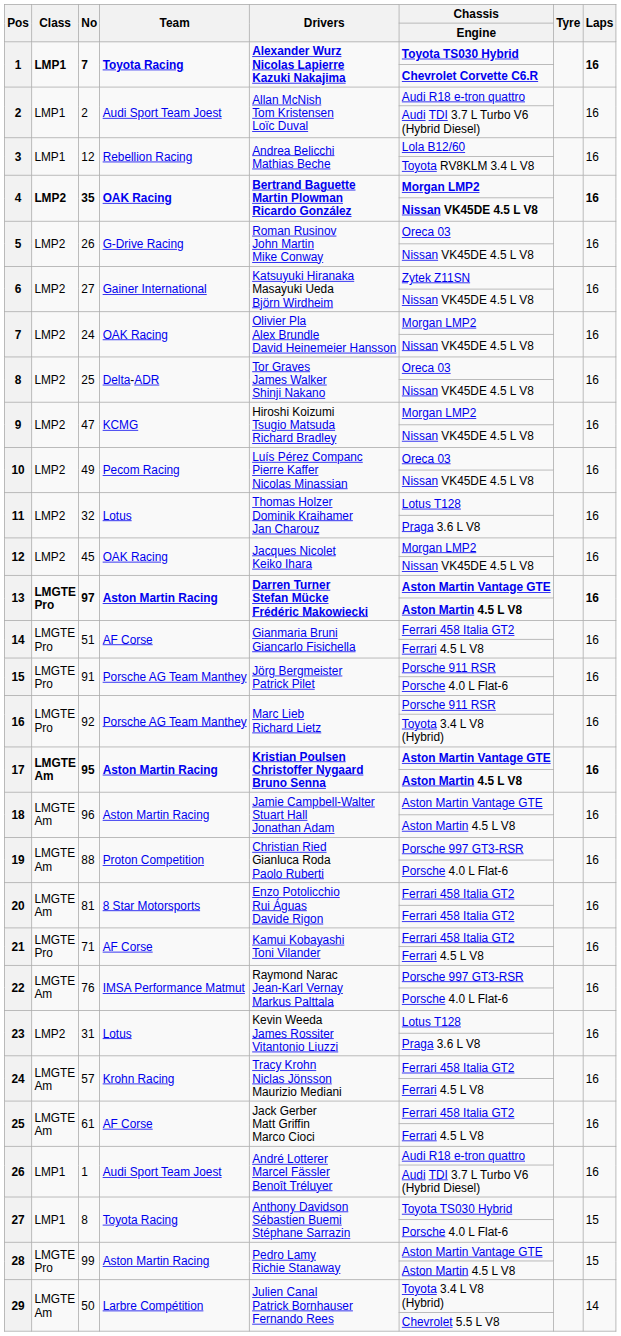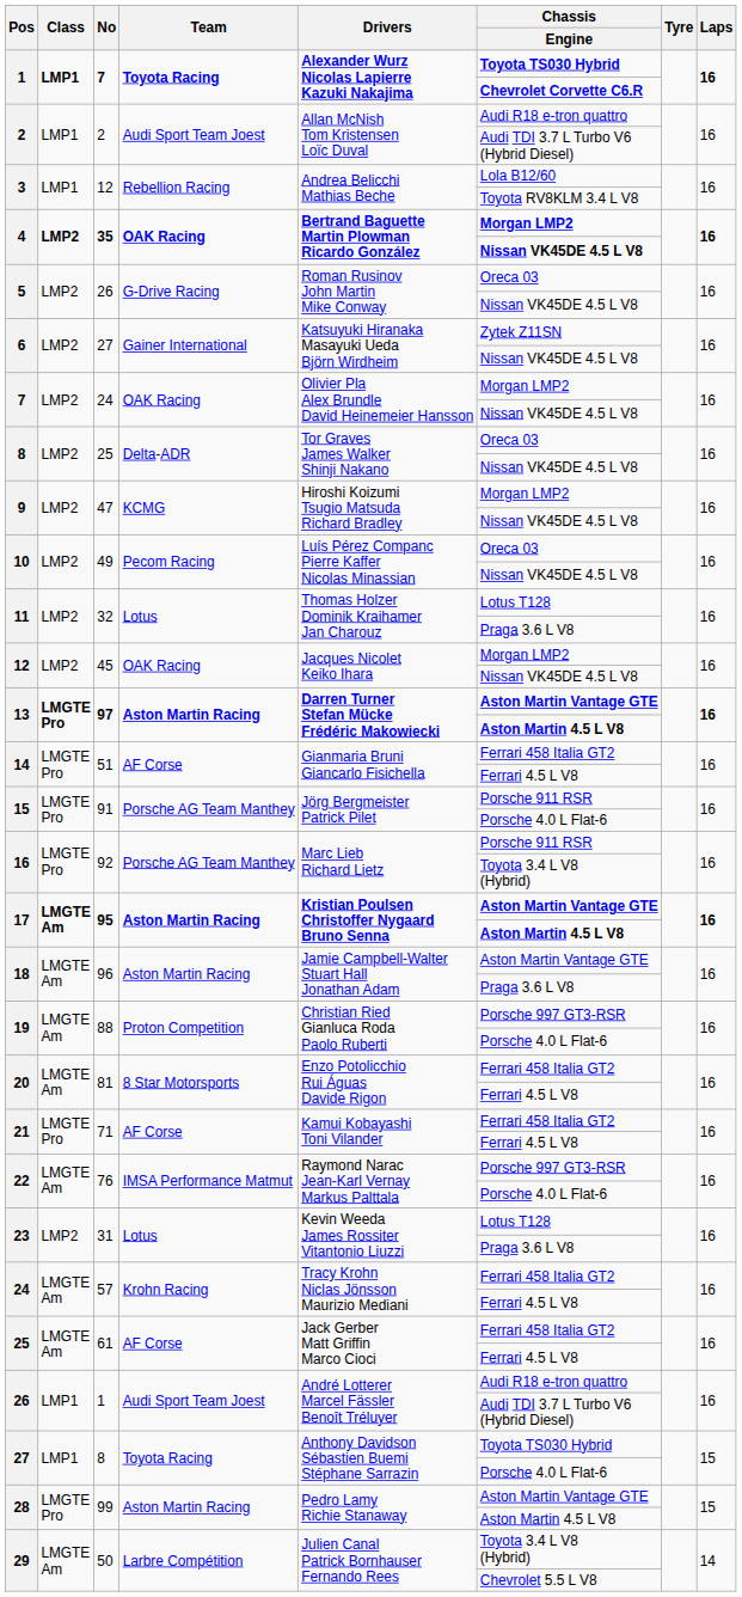 <table class="wikitable" style="font-size: 95%;">
 <tr>
 <th rowspan=2>Pos</th>
 <th rowspan=2>Class</th>
 <th rowspan=2>No</th>
 <th rowspan=2>Team</th>
 <th rowspan=2>Drivers</th>
 <th>Chassis</th>
 <th rowspan=2>Tyre</th>
 <th rowspan=2>Laps</th>
 </tr>
 <tr>
 <th>Engine</th>
 </tr>
 <tr style="font-weight:bold">
 <th rowspan=2>1</th>
 <td rowspan=2>LMP1</td>
 <td rowspan=2>7</td>
 <td rowspan=2> <a href='#'>Toyota Racing</a></td>
 <td rowspan=2> <a href='#'>Alexander Wurz</a><br> <a href='#'>Nicolas Lapierre</a><br> <a href='#'>Kazuki Nakajima</a></td>
 <td><a href='#'>Toyota TS030 Hybrid</a></td>
 <td rowspan=2></td>
 <td rowspan=2>16</td>
 </tr>
 <tr style="font-weight:bold">
 <td><a href='#'>Chevrolet Corvette C6.R</a></td>
 </tr>
 <tr>
 <th rowspan=2>2</th>
 <td rowspan=2>LMP1</td>
 <td rowspan=2>2</td>
 <td rowspan=2> <a href='#'>Audi Sport Team Joest</a></td>
 <td rowspan=2> <a href='#'>Allan McNish</a><br> <a href='#'>Tom Kristensen</a><br> <a href='#'>Loïc Duval</a></td>
 <td><a href='#'>Audi R18 e-tron quattro</a></td>
 <td rowspan=2></td>
 <td rowspan=2>16</td>
 </tr>
 <tr>
 <td><a href='#'>Audi</a> <a href='#'>TDI</a> 3.7 L Turbo V6<br>(Hybrid Diesel)</td>
 </tr>
 <tr>
 <th rowspan=2>3</th>
 <td rowspan=2>LMP1</td>
 <td rowspan=2>12</td>
 <td rowspan=2> <a href='#'>Rebellion Racing</a></td>
 <td rowspan=2> <a href='#'>Andrea Belicchi</a><br> <a href='#'>Mathias Beche</a></td>
 <td><a href='#'>Lola B12/60</a></td>
 <td rowspan=2></td>
 <td rowspan=2>16</td>
 </tr>
 <tr>
 <td><a href='#'>Toyota</a> RV8KLM 3.4 L V8</td>
 </tr>
 <tr style="font-weight:bold">
 <th rowspan=2>4</th>
 <td rowspan=2>LMP2</td>
 <td rowspan=2>35</td>
 <td rowspan=2> <a href='#'>OAK Racing</a></td>
 <td rowspan=2> <a href='#'>Bertrand Baguette</a><br> <a href='#'>Martin Plowman</a><br> <a href='#'>Ricardo González</a></td>
 <td><a href='#'>Morgan LMP2</a></td>
 <td rowspan=2></td>
 <td rowspan=2>16</td>
 </tr>
 <tr style="font-weight:bold">
 <td><a href='#'>Nissan</a> VK45DE 4.5 L V8</td>
 </tr>
 <tr>
 <th rowspan=2>5</th>
 <td rowspan=2>LMP2</td>
 <td rowspan=2>26</td>
 <td rowspan=2> <a href='#'>G-Drive Racing</a></td>
 <td rowspan=2> <a href='#'>Roman Rusinov</a><br> <a href='#'>John Martin</a><br> <a href='#'>Mike Conway</a></td>
 <td><a href='#'>Oreca 03</a></td>
 <td rowspan=2></td>
 <td rowspan=2>16</td>
 </tr>
 <tr>
 <td><a href='#'>Nissan</a> VK45DE 4.5 L V8</td>
 </tr>
 <tr>
 <th rowspan=2>6</th>
 <td rowspan=2>LMP2</td>
 <td rowspan=2>27</td>
 <td rowspan=2> <a href='#'>Gainer International</a></td>
 <td rowspan=2> <a href='#'>Katsuyuki Hiranaka</a><br> Masayuki Ueda<br> <a href='#'>Björn Wirdheim</a></td>
 <td><a href='#'>Zytek Z11SN</a></td>
 <td rowspan=2></td>
 <td rowspan=2>16</td>
 </tr>
 <tr>
 <td><a href='#'>Nissan</a> VK45DE 4.5 L V8</td>
 </tr>
 <tr>
 <th rowspan=2>7</th>
 <td rowspan=2>LMP2</td>
 <td rowspan=2>24</td>
 <td rowspan=2> <a href='#'>OAK Racing</a></td>
 <td rowspan=2> <a href='#'>Olivier Pla</a><br> <a href='#'>Alex Brundle</a><br> <a href='#'>David Heinemeier Hansson</a></td>
 <td><a href='#'>Morgan LMP2</a></td>
 <td rowspan=2></td>
 <td rowspan=2>16</td>
 </tr>
 <tr>
 <td><a href='#'>Nissan</a> VK45DE 4.5 L V8</td>
 </tr>
 <tr>
 <th rowspan=2>8</th>
 <td rowspan=2>LMP2</td>
 <td rowspan=2>25</td>
 <td rowspan=2> <a href='#'>Delta</a>-<a href='#'>ADR</a></td>
 <td rowspan=2> <a href='#'>Tor Graves</a><br> <a href='#'>James Walker</a><br> <a href='#'>Shinji Nakano</a></td>
 <td><a href='#'>Oreca 03</a></td>
 <td rowspan=2></td>
 <td rowspan=2>16</td>
 </tr>
 <tr>
 <td><a href='#'>Nissan</a> VK45DE 4.5 L V8</td>
 </tr>
 <tr>
 <th rowspan=2>9</th>
 <td rowspan=2>LMP2</td>
 <td rowspan=2>47</td>
 <td rowspan=2> <a href='#'>KCMG</a></td>
 <td rowspan=2> Hiroshi Koizumi<br> <a href='#'>Tsugio Matsuda</a><br> <a href='#'>Richard Bradley</a></td>
 <td><a href='#'>Morgan LMP2</a></td>
 <td rowspan=2></td>
 <td rowspan=2>16</td>
 </tr>
 <tr>
 <td><a href='#'>Nissan</a> VK45DE 4.5 L V8</td>
 </tr>
 <tr>
 <th rowspan=2>10</th>
 <td rowspan=2>LMP2</td>
 <td rowspan=2>49</td>
 <td rowspan=2> <a href='#'>Pecom Racing</a></td>
 <td rowspan=2> <a href='#'>Luís Pérez Companc</a><br> <a href='#'>Pierre Kaffer</a><br> <a href='#'>Nicolas Minassian</a></td>
 <td><a href='#'>Oreca 03</a></td>
 <td rowspan=2></td>
 <td rowspan=2>16</td>
 </tr>
 <tr>
 <td><a href='#'>Nissan</a> VK45DE 4.5 L V8</td>
 </tr>
 <tr>
 <th rowspan=2>11</th>
 <td rowspan=2>LMP2</td>
 <td rowspan=2>32</td>
 <td rowspan=2> <a href='#'>Lotus</a></td>
 <td rowspan=2> <a href='#'>Thomas Holzer</a><br> <a href='#'>Dominik Kraihamer</a><br> <a href='#'>Jan Charouz</a></td>
 <td><a href='#'>Lotus T128</a></td>
 <td rowspan=2></td>
 <td rowspan=2>16</td>
 </tr>
 <tr>
 <td><a href='#'>Praga</a> 3.6 L V8</td>
 </tr>
 <tr>
 <th rowspan=2>12</th>
 <td rowspan=2>LMP2</td>
 <td rowspan=2>45</td>
 <td rowspan=2> <a href='#'>OAK Racing</a></td>
 <td rowspan=2> <a href='#'>Jacques Nicolet</a><br> <a href='#'>Keiko Ihara</a></td>
 <td><a href='#'>Morgan LMP2</a></td>
 <td rowspan=2></td>
 <td rowspan=2>16</td>
 </tr>
 <tr>
 <td><a href='#'>Nissan</a> VK45DE 4.5 L V8</td>
 </tr>
 <tr style="font-weight:bold">
 <th rowspan=2>13</th>
 <td rowspan=2>LMGTE<br>Pro</td>
 <td rowspan=2>97</td>
 <td rowspan=2> <a href='#'>Aston Martin Racing</a></td>
 <td rowspan=2> <a href='#'>Darren Turner</a><br> <a href='#'>Stefan Mücke</a><br> <a href='#'>Frédéric Makowiecki</a></td>
 <td><a href='#'>Aston Martin Vantage GTE</a></td>
 <td rowspan=2></td>
 <td rowspan=2>16</td>
 </tr>
 <tr style="font-weight:bold">
 <td><a href='#'>Aston Martin</a> 4.5 L V8</td>
 </tr>
 <tr>
 <th rowspan=2>14</th>
 <td rowspan=2>LMGTE<br>Pro</td>
 <td rowspan=2>51</td>
 <td rowspan=2> <a href='#'>AF Corse</a></td>
 <td rowspan=2> <a href='#'>Gianmaria Bruni</a><br> <a href='#'>Giancarlo Fisichella</a></td>
 <td><a href='#'>Ferrari 458 Italia GT2</a></td>
 <td rowspan=2></td>
 <td rowspan=2>16</td>
 </tr>
 <tr>
 <td><a href='#'>Ferrari</a> 4.5 L V8</td>
 </tr>
 <tr>
 <th rowspan=2>15</th>
 <td rowspan=2>LMGTE<br>Pro</td>
 <td rowspan=2>91</td>
 <td rowspan=2> <a href='#'>Porsche AG Team Manthey</a></td>
 <td rowspan=2> <a href='#'>Jörg Bergmeister</a><br> <a href='#'>Patrick Pilet</a></td>
 <td><a href='#'>Porsche 911 RSR</a></td>
 <td rowspan=2></td>
 <td rowspan=2>16</td>
 </tr>
 <tr>
 <td><a href='#'>Porsche</a> 4.0 L Flat-6</td>
 </tr>
 <tr>
 <th rowspan=2>16</th>
 <td rowspan=2>LMGTE<br>Pro</td>
 <td rowspan=2>92</td>
 <td rowspan=2> <a href='#'>Porsche AG Team Manthey</a></td>
 <td rowspan=2> <a href='#'>Marc Lieb</a><br> <a href='#'>Richard Lietz</a></td>
 <td><a href='#'>Porsche 911 RSR</a></td>
 <td rowspan=2></td>
 <td rowspan=2>16</td>
 </tr>
 <tr>
 <td><a href='#'>Toyota</a> 3.4 L V8<br>(Hybrid)</td>
 </tr>
 <tr style="font-weight:bold">
 <th rowspan=2>17</th>
 <td rowspan=2>LMGTE<br>Am</td>
 <td rowspan=2>95</td>
 <td rowspan=2> <a href='#'>Aston Martin Racing</a></td>
 <td rowspan=2> <a href='#'>Kristian Poulsen</a><br> <a href='#'>Christoffer Nygaard</a><br> <a href='#'>Bruno Senna</a></td>
 <td><a href='#'>Aston Martin Vantage GTE</a></td>
 <td rowspan=2></td>
 <td rowspan=2>16</td>
 </tr>
 <tr style="font-weight:bold">
 <td><a href='#'>Aston Martin</a> 4.5 L V8</td>
 </tr>
 <tr>
 <th rowspan=2>18</th>
 <td rowspan=2>LMGTE<br>Am</td>
 <td rowspan=2>96</td>
 <td rowspan=2> <a href='#'>Aston Martin Racing</a></td>
 <td rowspan=2> <a href='#'>Jamie Campbell-Walter</a><br> <a href='#'>Stuart Hall</a><br> <a href='#'>Jonathan Adam</a></td>
 <td><a href='#'>Aston Martin Vantage GTE</a></td>
 <td rowspan=2></td>
 <td rowspan=2>16</td>
 </tr>
 <tr>
-<td><a href='#'>Aston Martin</a> 4.5 L V8</td>
+<td><a href='#'>Praga</a> 3.6 L V8</td>
 </tr>
 <tr>
 <th rowspan=2>19</th>
 <td rowspan=2>LMGTE<br>Am</td>
 <td rowspan=2>88</td>
 <td rowspan=2> <a href='#'>Proton Competition</a></td>
 <td rowspan=2> <a href='#'>Christian Ried</a><br> Gianluca Roda<br> <a href='#'>Paolo Ruberti</a></td>
 <td><a href='#'>Porsche 997 GT3-RSR</a></td>
 <td rowspan=2></td>
 <td rowspan=2>16</td>
 </tr>
 <tr>
 <td><a href='#'>Porsche</a> 4.0 L Flat-6</td>
 </tr>
 <tr>
 <th rowspan=2>20</th>
 <td rowspan=2>LMGTE<br>Am</td>
 <td rowspan=2>81</td>
 <td rowspan=2> <a href='#'>8 Star Motorsports</a></td>
 <td rowspan=2> <a href='#'>Enzo Potolicchio</a><br> <a href='#'>Rui Águas</a><br> <a href='#'>Davide Rigon</a></td>
 <td><a href='#'>Ferrari 458 Italia GT2</a></td>
 <td rowspan=2></td>
 <td rowspan=2>16</td>
 </tr>
 <tr>
-<td><a href='#'>Ferrari 458 Italia GT2</a></td>
+<td><a href='#'>Ferrari</a> 4.5 L V8</td>
 </tr>
 <tr>
 <th rowspan=2>21</th>
 <td rowspan=2>LMGTE<br>Pro</td>
 <td rowspan=2>71</td>
 <td rowspan=2> <a href='#'>AF Corse</a></td>
 <td rowspan=2> <a href='#'>Kamui Kobayashi</a><br> <a href='#'>Toni Vilander</a></td>
 <td><a href='#'>Ferrari 458 Italia GT2</a></td>
 <td rowspan=2></td>
 <td rowspan=2>16</td>
 </tr>
 <tr>
 <td><a href='#'>Ferrari</a> 4.5 L V8</td>
 </tr>
 <tr>
 <th rowspan=2>22</th>
 <td rowspan=2>LMGTE<br>Am</td>
 <td rowspan=2>76</td>
 <td rowspan=2> <a href='#'>IMSA Performance Matmut</a></td>
 <td rowspan=2> Raymond Narac<br> <a href='#'>Jean-Karl Vernay</a><br> <a href='#'>Markus Palttala</a></td>
 <td><a href='#'>Porsche 997 GT3-RSR</a></td>
 <td rowspan=2></td>
 <td rowspan=2>16</td>
 </tr>
 <tr>
 <td><a href='#'>Porsche</a> 4.0 L Flat-6</td>
 </tr>
 <tr>
 <th rowspan=2>23</th>
 <td rowspan=2>LMP2</td>
 <td rowspan=2>31</td>
 <td rowspan=2> <a href='#'>Lotus</a></td>
 <td rowspan=2> Kevin Weeda<br> <a href='#'>James Rossiter</a><br> <a href='#'>Vitantonio Liuzzi</a></td>
 <td><a href='#'>Lotus T128</a></td>
 <td rowspan=2></td>
 <td rowspan=2>16</td>
 </tr>
 <tr>
 <td><a href='#'>Praga</a> 3.6 L V8</td>
 </tr>
 <tr>
 <th rowspan=2>24</th>
 <td rowspan=2>LMGTE<br>Am</td>
 <td rowspan=2>57</td>
 <td rowspan=2> <a href='#'>Krohn Racing</a></td>
 <td rowspan=2> <a href='#'>Tracy Krohn</a><br> <a href='#'>Niclas Jönsson</a><br> Maurizio Mediani</td>
 <td><a href='#'>Ferrari 458 Italia GT2</a></td>
 <td rowspan=2></td>
 <td rowspan=2>16</td>
 </tr>
 <tr>
 <td><a href='#'>Ferrari</a> 4.5 L V8</td>
 </tr>
 <tr>
 <th rowspan=2>25</th>
 <td rowspan=2>LMGTE<br>Am</td>
 <td rowspan=2>61</td>
 <td rowspan=2> <a href='#'>AF Corse</a></td>
 <td rowspan=2> Jack Gerber<br> Matt Griffin<br> Marco Cioci</td>
 <td><a href='#'>Ferrari 458 Italia GT2</a></td>
 <td rowspan=2></td>
 <td rowspan=2>16</td>
 </tr>
 <tr>
 <td><a href='#'>Ferrari</a> 4.5 L V8</td>
 </tr>
 <tr>
 <th rowspan=2>26</th>
 <td rowspan=2>LMP1</td>
 <td rowspan=2>1</td>
 <td rowspan=2> <a href='#'>Audi Sport Team Joest</a></td>
 <td rowspan=2> <a href='#'>André Lotterer</a><br> <a href='#'>Marcel Fässler</a><br> <a href='#'>Benoît Tréluyer</a></td>
 <td><a href='#'>Audi R18 e-tron quattro</a></td>
 <td rowspan=2></td>
 <td rowspan=2>16</td>
 </tr>
 <tr>
 <td><a href='#'>Audi</a> <a href='#'>TDI</a> 3.7 L Turbo V6<br>(Hybrid Diesel)</td>
 </tr>
 <tr>
 <th rowspan=2>27</th>
 <td rowspan=2>LMP1</td>
 <td rowspan=2>8</td>
 <td rowspan=2> <a href='#'>Toyota Racing</a></td>
 <td rowspan=2> <a href='#'>Anthony Davidson</a><br> <a href='#'>Sébastien Buemi</a><br> <a href='#'>Stéphane Sarrazin</a></td>
 <td><a href='#'>Toyota TS030 Hybrid</a></td>
 <td rowspan=2></td>
 <td rowspan=2>15</td>
 </tr>
 <tr>
 <td><a href='#'>Porsche</a> 4.0 L Flat-6</td>
 </tr>
 <tr>
 <th rowspan=2>28</th>
 <td rowspan=2>LMGTE<br>Pro</td>
 <td rowspan=2>99</td>
 <td rowspan=2> <a href='#'>Aston Martin Racing</a></td>
 <td rowspan=2> <a href='#'>Pedro Lamy</a><br> <a href='#'>Richie Stanaway</a></td>
 <td><a href='#'>Aston Martin Vantage GTE</a></td>
 <td rowspan=2></td>
 <td rowspan=2>15</td>
 </tr>
 <tr>
 <td><a href='#'>Aston Martin</a> 4.5 L V8</td>
 </tr>
 <tr>
 <th rowspan=2>29</th>
 <td rowspan=2>LMGTE<br>Am</td>
 <td rowspan=2>50</td>
 <td rowspan=2> <a href='#'>Larbre Compétition</a></td>
 <td rowspan=2> <a href='#'>Julien Canal</a><br> <a href='#'>Patrick Bornhauser</a><br> <a href='#'>Fernando Rees</a></td>
 <td><a href='#'>Toyota</a> 3.4 L V8<br>(Hybrid)</td>
 <td rowspan=2></td>
 <td rowspan=2>14</td>
 </tr>
 <tr>
 <td><a href='#'>Chevrolet</a> 5.5 L V8</td>
 </tr>
 </table>
